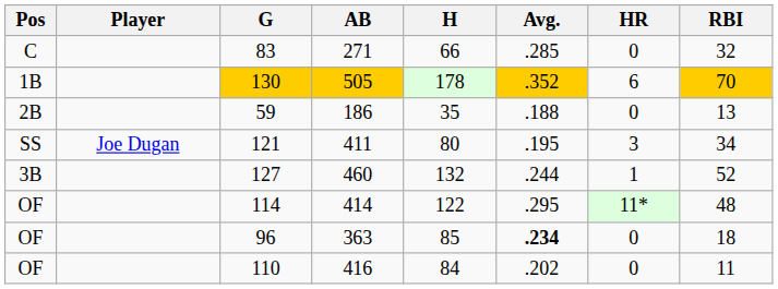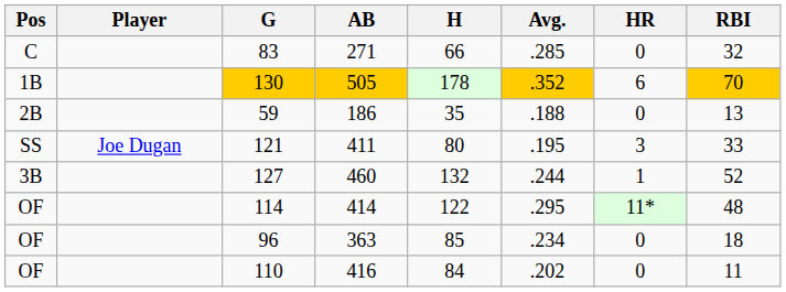 <table class="wikitable sortable">
 <tr>
 <th bgcolor="#DDDDFF" width="5%">Pos</th>
 <th bgcolor="#DDDDFF" width="16%">Player</th>
 <th bgcolor="#DDDDFF" width="9%">G</th>
 <th bgcolor="#DDDDFF" width="9%">AB</th>
 <th bgcolor="#DDDDFF" width="9%">H</th>
 <th bgcolor="#DDDDFF" width="9%">Avg.</th>
 <th bgcolor="#DDDDFF" width="9%">HR</th>
 <th bgcolor="#DDDDFF" width="9%">RBI</th>
 </tr>
 <tr align="center">
 <td>C</td>
 <td></td>
 <td>83</td>
 <td>271</td>
 <td>66</td>
 <td>.285</td>
 <td>0</td>
 <td>32</td>
 </tr>
 <tr align="center">
 <td>1B</td>
 <td></td>
 <td style="background:#fc0;">130</td>
 <td style="background:#fc0;">505</td>
 <td style="background:#DDFFDD;">178</td>
 <td style="background:#fc0;">.352</td>
 <td>6</td>
 <td style="background:#fc0;">70</td>
 </tr>
 <tr align="center">
 <td>2B</td>
 <td></td>
 <td>59</td>
 <td>186</td>
 <td>35</td>
 <td>.188</td>
 <td>0</td>
 <td>13</td>
 </tr>
 <tr align="center">
 <td>SS</td>
 <td><a href='#'>Joe Dugan</a></td>
 <td>121</td>
 <td>411</td>
 <td>80</td>
 <td>.195</td>
 <td>3</td>
-<td>34</td>
+<td>33</td>
 </tr>
 <tr align=center>
 <td>3B</td>
 <td></td>
 <td>127</td>
 <td>460</td>
 <td>132</td>
 <td>.244</td>
 <td>1</td>
 <td>52</td>
 </tr>
 <tr align="center">
 <td>OF</td>
 <td></td>
 <td>114</td>
 <td>414</td>
 <td>122</td>
 <td>.295</td>
 <td style="background:#DDFFDD;">11*</td>
 <td>48</td>
 </tr>
 <tr align="center">
 <td>OF</td>
 <td></td>
 <td>96</td>
 <td>363</td>
 <td>85</td>
-<td><strong>.234</strong></td>
+<td>.234</td>
 <td>0</td>
 <td>18</td>
 </tr>
 <tr align="center">
 <td>OF</td>
 <td></td>
 <td>110</td>
 <td>416</td>
 <td>84</td>
 <td>.202</td>
 <td>0</td>
 <td>11</td>
 </tr>
 </table>
